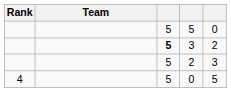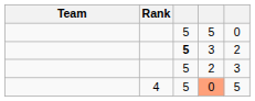 <table class="wikitable" style="text-align: center; font-size:90% ">
 <tr>
+<th width="160">Team</th>
 <th width="35">Rank</th>
-<th width="160">Team</th>
 <th width="25"></th>
 <th width="25"></th>
 <th width="25"></th>
 </tr>
 <tr>
+<td align="left"></td>
 <td></td>
-<td align="left"></td>
 <td>5</td>
 <td>5</td>
 <td>0</td>
 </tr>
 <tr>
+<td align="left"></td>
 <td></td>
-<td align="left"></td>
 <td><strong>5</strong></td>
 <td>3</td>
 <td>2</td>
 </tr>
 <tr>
+<td align="left"></td>
 <td></td>
-<td align="left"></td>
 <td>5</td>
 <td>2</td>
 <td>3</td>
 </tr>
 <tr>
+<td align="left"></td>
 <td>4</td>
-<td align="left"></td>
 <td>5</td>
-<td>0</td>
+<td style="background: lightsalmon;">0</td>
 <td>5</td>
 </tr>
 </table>
